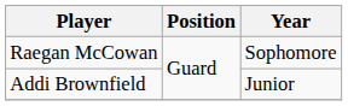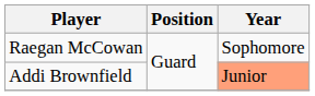 <table class="wikitable" border="1">
 <tr align=center>
 <th style= >Player</th>
 <th style= >Position</th>
 <th style= >Year</th>
 </tr>
 <tr>
 <td>Raegan McCowan</td>
 <td rowspan=2>Guard</td>
 <td>Sophomore</td>
 </tr>
 <tr>
 <td>Addi Brownfield</td>
-<td>Junior</td>
+<td style="background: lightsalmon;">Junior</td>
 </tr>
 <tr>
 </tr>
 </table>
